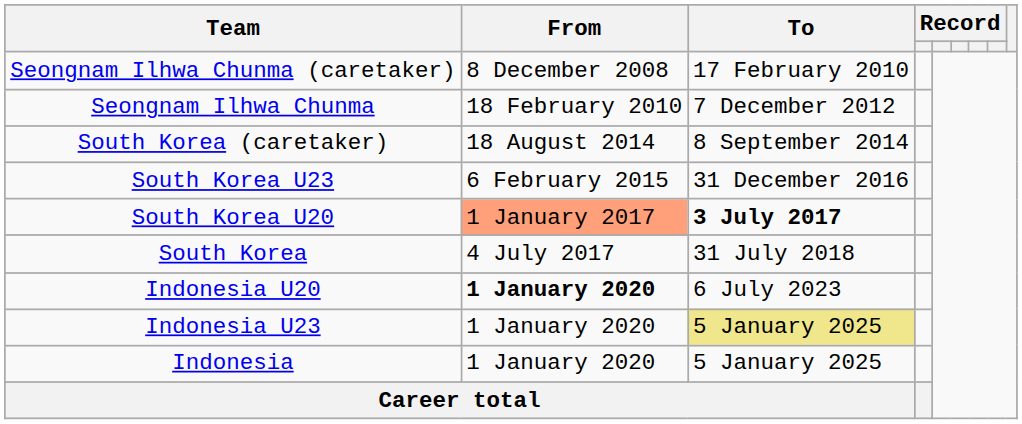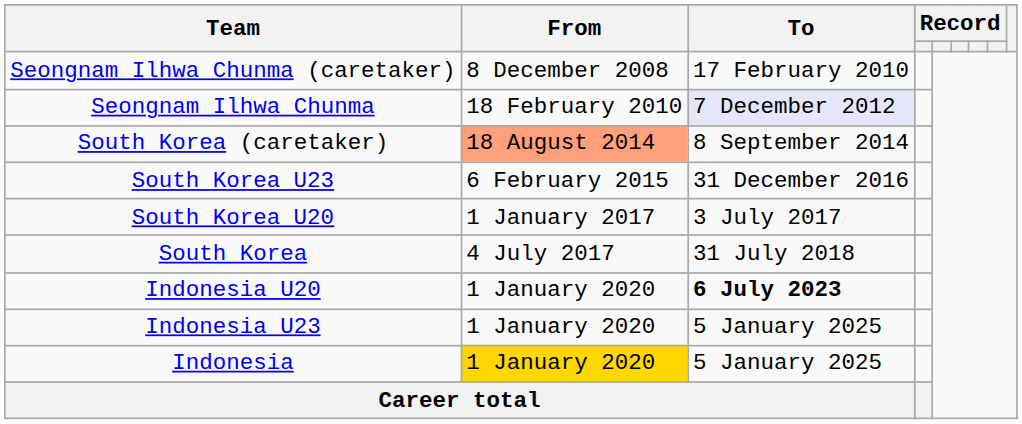 <table class="wikitable" style="text-align:center;">
 <tr>
 <th rowspan=2>Team</th>
 <th rowspan=2>From</th>
 <th rowspan=2>To</th>
 <th colspan=5>Record</th>
 <th rowspan=2></th>
 </tr>
 <tr>
 <th></th>
 <th></th>
 <th></th>
 <th></th>
 <th></th>
 </tr>
 <tr>
 <td><a href='#'>Seongnam Ilhwa Chunma</a> (caretaker)</td>
 <td align=left>8 December 2008</td>
 <td align=left>17 February 2010<br></td>
 <td></td>
 </tr>
 <tr>
 <td><a href='#'>Seongnam Ilhwa Chunma</a></td>
 <td align=left>18 February 2010</td>
-<td align=left>7 December 2012<br></td>
+<td align=left style="background: lavender;">7 December 2012<br></td>
 <td></td>
 </tr>
 <tr>
 <td><a href='#'>South Korea</a> (caretaker)</td>
-<td align=left>18 August 2014</td>
+<td align=left style="background: lightsalmon;">18 August 2014</td>
 <td align=left>8 September 2014<br></td>
 <td></td>
 </tr>
 <tr>
 <td><a href='#'>South Korea U23</a></td>
 <td align=left>6 February 2015</td>
 <td align=left>31 December 2016<br></td>
 <td></td>
 </tr>
 <tr>
 <td><a href='#'>South Korea U20</a></td>
-<td align=left style="background: lightsalmon;">1 January 2017</td>
-<td align=left><strong>3 July 2017<br></strong></td>
+<td align=left>1 January 2017</td>
+<td align=left>3 July 2017<br></td>
 <td></td>
 </tr>
 <tr>
 <td><a href='#'>South Korea</a></td>
 <td align=left>4 July 2017</td>
 <td align=left>31 July 2018<br></td>
 <td></td>
 </tr>
 <tr>
 <td><a href='#'>Indonesia U20</a></td>
-<td align=left><strong>1 January 2020</strong></td>
-<td align=left>6 July 2023<br></td>
+<td align=left>1 January 2020</td>
+<td align=left><strong>6 July 2023<br></strong></td>
 <td></td>
 </tr>
 <tr>
 <td><a href='#'>Indonesia U23</a></td>
 <td align=left>1 January 2020</td>
-<td align=left style="background: khaki;">5 January 2025<br></td>
+<td align=left>5 January 2025<br></td>
 <td></td>
 </tr>
 <tr>
 <td><a href='#'>Indonesia</a></td>
-<td align=left>1 January 2020</td>
+<td align=left style="background: gold;">1 January 2020</td>
 <td align=left>5 January 2025<br></td>
 <td></td>
 </tr>
 <tr>
 <th colspan=3>Career total<br></th>
 <th></th>
 </tr>
 </table>
